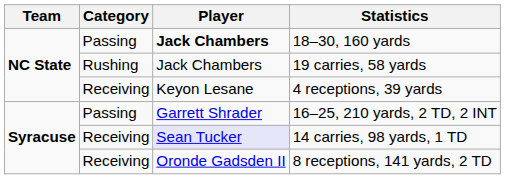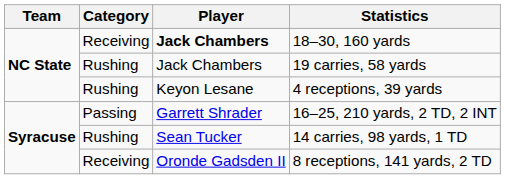 <table class="wikitable" style="float: left;">
 <tr>
 <th>Team</th>
 <th>Category</th>
 <th>Player</th>
 <th>Statistics</th>
 </tr>
 <tr>
 <td rowspan=3><strong>NC State</strong></td>
-<td>Passing</td>
+<td>Receiving</td>
 <td><strong>Jack Chambers</strong></td>
 <td>18–30, 160 yards</td>
 </tr>
 <tr>
 <td>Rushing</td>
 <td>Jack Chambers</td>
 <td>19 carries, 58 yards</td>
 </tr>
 <tr>
-<td>Receiving</td>
+<td>Rushing</td>
 <td>Keyon Lesane</td>
 <td>4 receptions, 39 yards</td>
 </tr>
 <tr>
 <td rowspan=3><strong>Syracuse</strong></td>
 <td>Passing</td>
 <td><a href='#'>Garrett Shrader</a></td>
 <td>16–25, 210 yards, 2 TD, 2 INT</td>
 </tr>
 <tr>
-<td>Receiving</td>
-<td style="background: lavender;"><a href='#'>Sean Tucker</a></td>
+<td>Rushing</td>
+<td><a href='#'>Sean Tucker</a></td>
 <td>14 carries, 98 yards, 1 TD</td>
 </tr>
 <tr>
 <td>Receiving</td>
 <td><a href='#'>Oronde Gadsden II</a></td>
 <td>8 receptions, 141 yards, 2 TD</td>
 </tr>
 </table>
